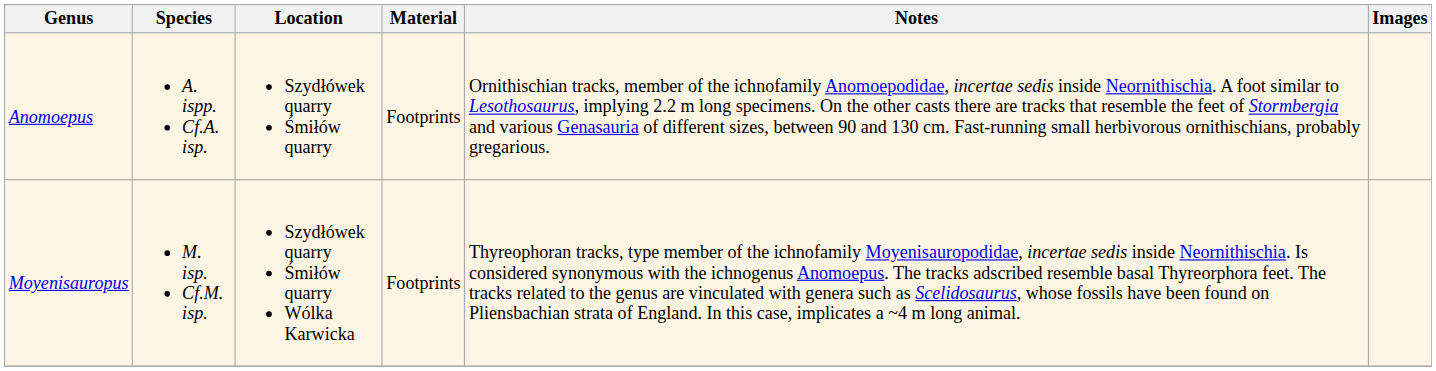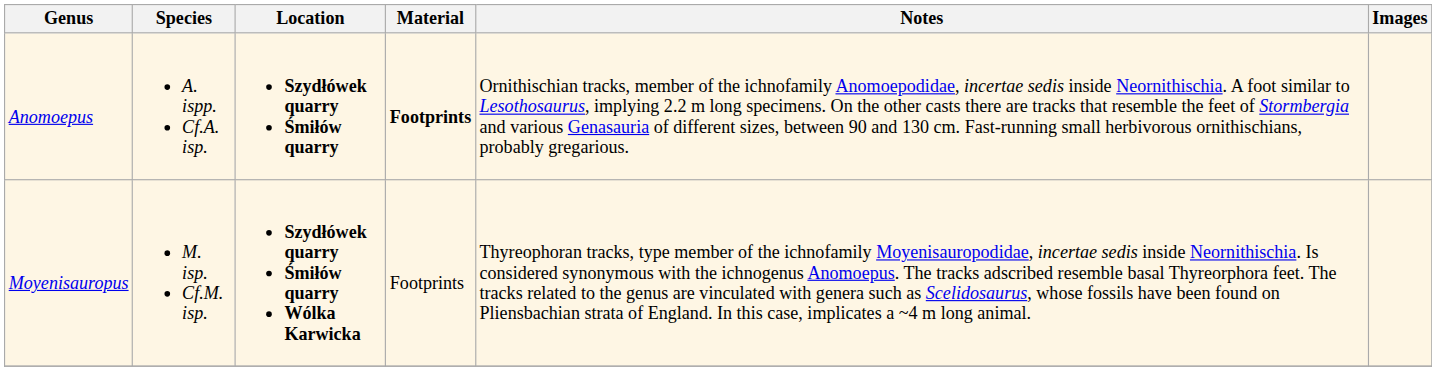 <table class="wikitable"  style="margin:auto; width:100%;">
 <tr>
 <th>Genus</th>
 <th>Species</th>
 <th>Location</th>
 <th>Material</th>
 <th>Notes</th>
 <th>Images</th>
 </tr>
 <tr>
 <td style="background:#FEF6E4;"><br><em><a href='#'>Anomoepus</a></em></td>
 <td style="background:#FEF6E4;"><br><ul><li><em>A. ispp.</em></li><li><em>Cf.A. isp.</em></li></ul></td>
-<td style="background:#FEF6E4;"><br><ul><li>Szydłówek quarry</li><li>Śmiłów quarry</li></ul></td>
-<td style="background:#FEF6E4;"><br>Footprints</td>
+<td style="background:#FEF6E4;"><strong><br><ul><li>Szydłówek quarry</li><li>Śmiłów quarry</li></ul></strong></td>
+<td style="background:#FEF6E4;"><strong><br>Footprints</strong></td>
 <td style="background:#FEF6E4;"><br>Ornithischian tracks, member of the ichnofamily <a href='#'>Anomoepodidae</a>, <em>incertae sedis</em> inside <a href='#'>Neornithischia</a>. A foot similar to <em><a href='#'>Lesothosaurus</a></em>, implying 2.2 m long specimens. On the other casts there are tracks that resemble the feet of <em><a href='#'>Stormbergia</a></em> and various <a href='#'>Genasauria</a> of different sizes, between 90 and 130 cm. Fast-running small herbivorous ornithischians, probably gregarious.</td>
 <td style="background:#FEF6E4;"><br></td>
 </tr>
 <tr>
 <td style="background:#FEF6E4;"><br><em><a href='#'>Moyenisauropus</a></em></td>
 <td style="background:#FEF6E4;"><br><ul><li><em>M. isp.</em></li><li><em>Cf.M. isp.</em></li></ul></td>
-<td style="background:#FEF6E4;"><br><ul><li>Szydłówek quarry</li><li>Śmiłów quarry</li><li>Wólka Karwicka</li></ul></td>
+<td style="background:#FEF6E4;"><strong><br><ul><li>Szydłówek quarry</li><li>Śmiłów quarry</li><li>Wólka Karwicka</li></ul></strong></td>
 <td style="background:#FEF6E4;"><br>Footprints</td>
 <td style="background:#FEF6E4;"><br>Thyreophoran tracks, type member of the ichnofamily <a href='#'>Moyenisauropodidae</a>, <em>incertae sedis</em> inside <a href='#'>Neornithischia</a>. Is considered synonymous with the ichnogenus <a href='#'>Anomoepus</a>. The tracks adscribed resemble basal Thyreorphora feet. The tracks related to the genus are vinculated with genera such as <em><a href='#'>Scelidosaurus</a></em>, whose fossils have been found on Pliensbachian strata of England. In this case, implicates a ~4 m long animal.</td>
 <td style="background:#FEF6E4;"><br></td>
 </tr>
 <tr>
 </tr>
 </table>
